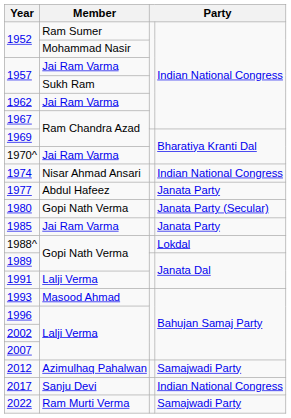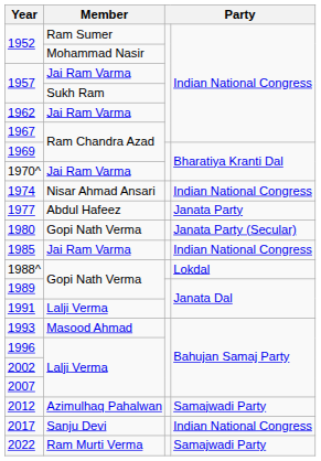 <table class="wikitable">
 <tr>
 <th>Year</th>
 <th>Member</th>
 <th colspan="2">Party</th>
 </tr>
 <tr>
 <td rowspan="2"><a href='#'>1952</a></td>
 <td>Ram Sumer</td>
 <td rowspan="6" style="background-color: "></td>
 <td rowspan="6"><a href='#'>Indian National Congress</a></td>
 </tr>
 <tr>
 <td>Mohammad Nasir</td>
 </tr>
 <tr>
 <td rowspan="2"><a href='#'>1957</a></td>
 <td><a href='#'>Jai Ram Varma</a></td>
 </tr>
 <tr>
 <td>Sukh Ram</td>
 </tr>
 <tr>
 <td><a href='#'>1962</a></td>
 <td><a href='#'>Jai Ram Varma</a></td>
 </tr>
 <tr>
 <td><a href='#'>1967</a></td>
 <td rowspan="2">Ram Chandra Azad</td>
 </tr>
 <tr>
 <td><a href='#'>1969</a></td>
 <td rowspan="2" style="background-color: "></td>
 <td rowspan="2"><a href='#'>Bharatiya Kranti Dal</a></td>
 </tr>
 <tr>
 <td>1970^</td>
 <td><a href='#'>Jai Ram Varma</a></td>
 </tr>
 <tr>
 <td><a href='#'>1974</a></td>
 <td>Nisar Ahmad Ansari</td>
 <td style="background-color: "></td>
 <td><a href='#'>Indian National Congress</a></td>
 </tr>
 <tr>
 <td><a href='#'>1977</a></td>
 <td>Abdul Hafeez</td>
 <td style="background-color: "></td>
 <td><a href='#'>Janata Party</a></td>
 </tr>
 <tr>
 <td><a href='#'>1980</a></td>
 <td>Gopi Nath Verma</td>
 <td style="background-color: "></td>
 <td><a href='#'>Janata Party (Secular)</a></td>
 </tr>
 <tr>
 <td><a href='#'>1985</a></td>
 <td><a href='#'>Jai Ram Varma</a></td>
 <td style="background-color: "></td>
-<td><a href='#'>Janata Party</a></td>
+<td><a href='#'>Indian National Congress</a></td>
 </tr>
 <tr>
 <td>1988^</td>
 <td rowspan="2">Gopi Nath Verma</td>
 <td style="background-color: "></td>
 <td><a href='#'>Lokdal</a></td>
 </tr>
 <tr>
 <td><a href='#'>1989</a></td>
 <td rowspan="2" style="background-color: "></td>
 <td rowspan="2"><a href='#'>Janata Dal</a></td>
 </tr>
 <tr>
 <td><a href='#'>1991</a></td>
 <td><a href='#'>Lalji Verma</a></td>
 </tr>
 <tr>
 <td><a href='#'>1993</a></td>
 <td><a href='#'>Masood Ahmad</a></td>
 <td rowspan="4" style="background-color: "></td>
 <td rowspan="4"><a href='#'>Bahujan Samaj Party</a></td>
 </tr>
 <tr>
 <td><a href='#'>1996</a></td>
 <td rowspan="3"><a href='#'>Lalji Verma</a></td>
 </tr>
 <tr>
 <td><a href='#'>2002</a></td>
 </tr>
 <tr>
 <td><a href='#'>2007</a></td>
 </tr>
 <tr>
 <td><a href='#'>2012</a></td>
 <td><a href='#'>Azimulhaq Pahalwan</a></td>
 <td style="background-color: "></td>
 <td><a href='#'>Samajwadi Party</a></td>
 </tr>
 <tr>
 <td><a href='#'>2017</a></td>
 <td><a href='#'>Sanju Devi</a></td>
 <td style="background-color: "></td>
 <td><a href='#'>Indian National Congress</a></td>
 </tr>
 <tr>
 <td><a href='#'>2022</a></td>
 <td><a href='#'>Ram Murti Verma</a></td>
 <td style="background-color: "></td>
 <td><a href='#'>Samajwadi Party</a></td>
 </tr>
 </table>
